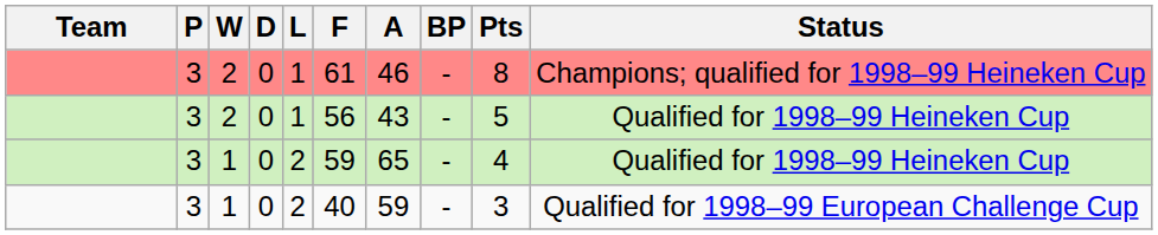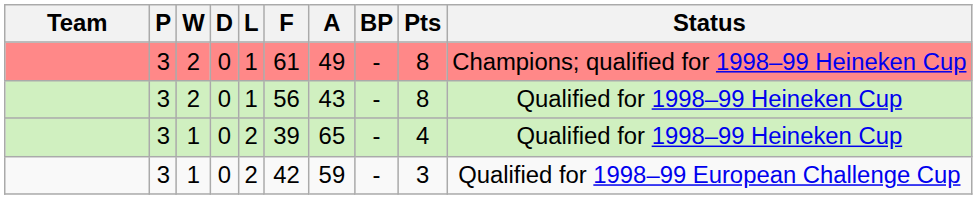 <table class="wikitable" style="text-align:center">
 <tr>
 <th width="90px">Team</th>
 <th>P</th>
 <th>W</th>
 <th>D</th>
 <th>L</th>
 <th width="23px">F</th>
 <th width="23px">A</th>
 <th>BP</th>
 <th width="23px">Pts</th>
 <th>Status</th>
 </tr>
 <tr bgcolor="#FF8888">
 <td></td>
 <td>3</td>
 <td>2</td>
 <td>0</td>
 <td>1</td>
 <td>61</td>
-<td>46</td>
+<td>49</td>
 <td>-</td>
 <td>8</td>
 <td>Champions; qualified for <a href='#'>1998–99 Heineken Cup</a></td>
 </tr>
 <tr bgcolor="#D0F0C0">
 <td></td>
 <td>3</td>
 <td>2</td>
 <td>0</td>
 <td>1</td>
 <td>56</td>
 <td>43</td>
 <td>-</td>
-<td>5</td>
+<td>8</td>
 <td>Qualified for <a href='#'>1998–99 Heineken Cup</a></td>
 </tr>
 <tr bgcolor="#D0F0C0">
 <td></td>
 <td>3</td>
 <td>1</td>
 <td>0</td>
 <td>2</td>
-<td>59</td>
+<td>39</td>
 <td>65</td>
 <td>-</td>
 <td>4</td>
 <td>Qualified for <a href='#'>1998–99 Heineken Cup</a></td>
 </tr>
 <tr>
 <td></td>
 <td>3</td>
 <td>1</td>
 <td>0</td>
 <td>2</td>
-<td>40</td>
+<td>42</td>
 <td>59</td>
 <td>-</td>
 <td>3</td>
 <td>Qualified for <a href='#'>1998–99 European Challenge Cup</a></td>
 </tr>
 </table>
